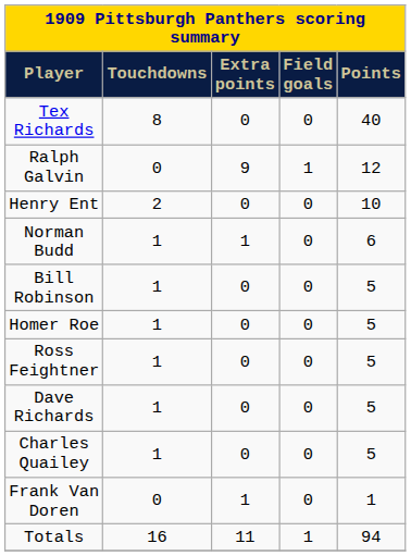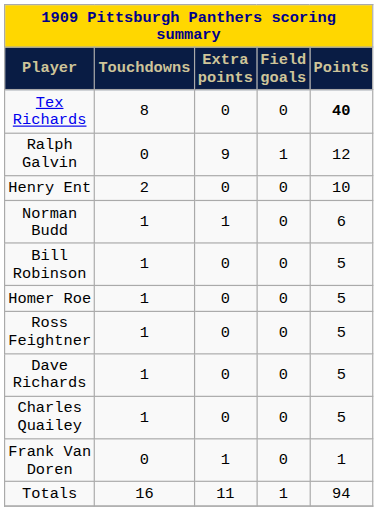 <table class="wikitable" width="30%">
 <tr>
 <th colspan="10" style="background:gold; color:darkblue; text-align: center;"><strong>1909 Pittsburgh Panthers scoring summary</strong></th>
 </tr>
 <tr align="center"  style="background:#091C44;color:#CEC499;">
 <td><strong>Player</strong></td>
 <td><strong>Touchdowns</strong></td>
 <td><strong>Extra points</strong></td>
 <td><strong>Field goals</strong></td>
 <td><strong>Points</strong></td>
 </tr>
 <tr align="center" bgcolor="">
 <td><a href='#'>Tex Richards</a></td>
 <td>8</td>
 <td>0</td>
 <td>0</td>
-<td>40</td>
+<td><strong>40</strong></td>
 </tr>
 <tr align="center" bgcolor="">
 <td>Ralph Galvin</td>
 <td>0</td>
 <td>9</td>
 <td>1</td>
 <td>12</td>
 </tr>
 <tr align="center" bgcolor="">
 <td>Henry Ent</td>
 <td>2</td>
 <td>0</td>
 <td>0</td>
 <td>10</td>
 </tr>
 <tr align="center" bgcolor="">
 <td>Norman Budd</td>
 <td>1</td>
 <td>1</td>
 <td>0</td>
 <td>6</td>
 </tr>
 <tr align="center" bgcolor="">
 <td>Bill Robinson</td>
 <td>1</td>
 <td>0</td>
 <td>0</td>
 <td>5</td>
 </tr>
 <tr align="center" bgcolor="">
 <td>Homer Roe</td>
 <td>1</td>
 <td>0</td>
 <td>0</td>
 <td>5</td>
 </tr>
 <tr align="center" bgcolor="">
 <td>Ross Feightner</td>
 <td>1</td>
 <td>0</td>
 <td>0</td>
 <td>5</td>
 </tr>
 <tr align="center" bgcolor="">
 <td>Dave Richards</td>
 <td>1</td>
 <td>0</td>
 <td>0</td>
 <td>5</td>
 </tr>
 <tr align="center" bgcolor="">
 <td>Charles Quailey</td>
 <td>1</td>
 <td>0</td>
 <td>0</td>
 <td>5</td>
 </tr>
 <tr align="center" bgcolor="">
 <td>Frank Van Doren</td>
 <td>0</td>
 <td>1</td>
 <td>0</td>
 <td>1</td>
 </tr>
 <tr align="center" bgcolor="">
 <td>Totals</td>
 <td>16</td>
 <td>11</td>
 <td>1</td>
 <td>94</td>
 </tr>
 <tr align="center" bgcolor="">
 </tr>
 </table>
